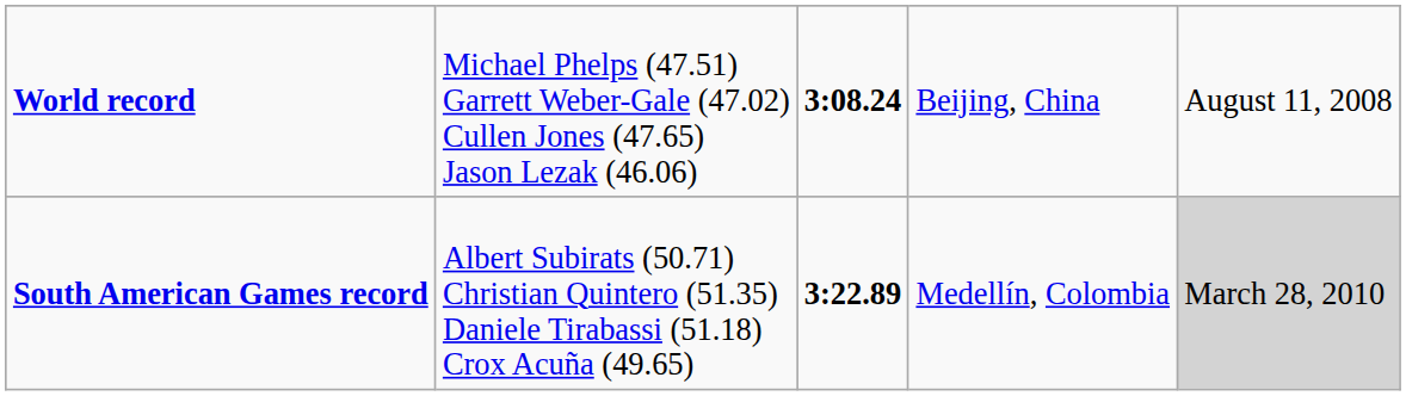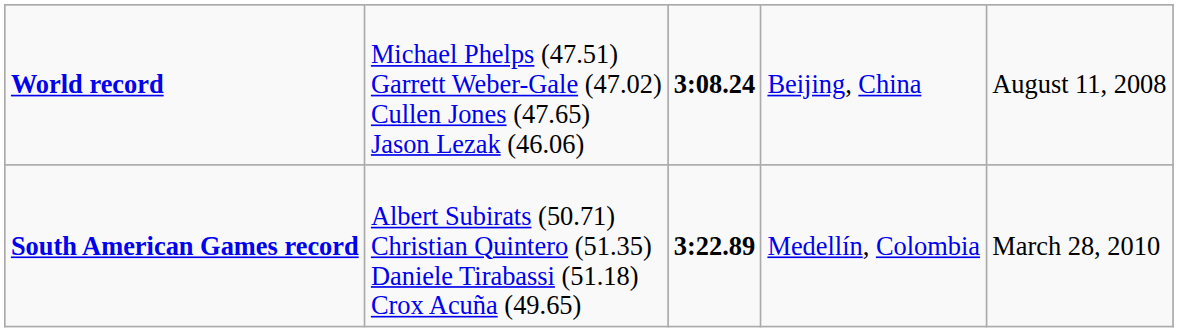 <table class="wikitable">
 <tr>
 <td><strong><a href='#'>World record</a></strong></td>
 <td><br><a href='#'>Michael Phelps</a> (47.51)<br><a href='#'>Garrett Weber-Gale</a> (47.02)<br><a href='#'>Cullen Jones</a> (47.65)<br><a href='#'>Jason Lezak</a> (46.06)</td>
 <td><strong>3:08.24</strong></td>
 <td><a href='#'>Beijing</a>, <a href='#'>China</a></td>
 <td>August 11, 2008</td>
 </tr>
 <tr>
 <td><strong><a href='#'>South American Games record</a></strong></td>
 <td><br><a href='#'>Albert Subirats</a> (50.71)<br><a href='#'>Christian Quintero</a> (51.35)<br><a href='#'>Daniele Tirabassi</a> (51.18)<br><a href='#'>Crox Acuña</a> (49.65)</td>
 <td><strong>3:22.89</strong></td>
 <td><a href='#'>Medellín</a>, <a href='#'>Colombia</a></td>
-<td style="background: lightgrey;">March 28, 2010</td>
+<td>March 28, 2010</td>
 </tr>
 </table>
